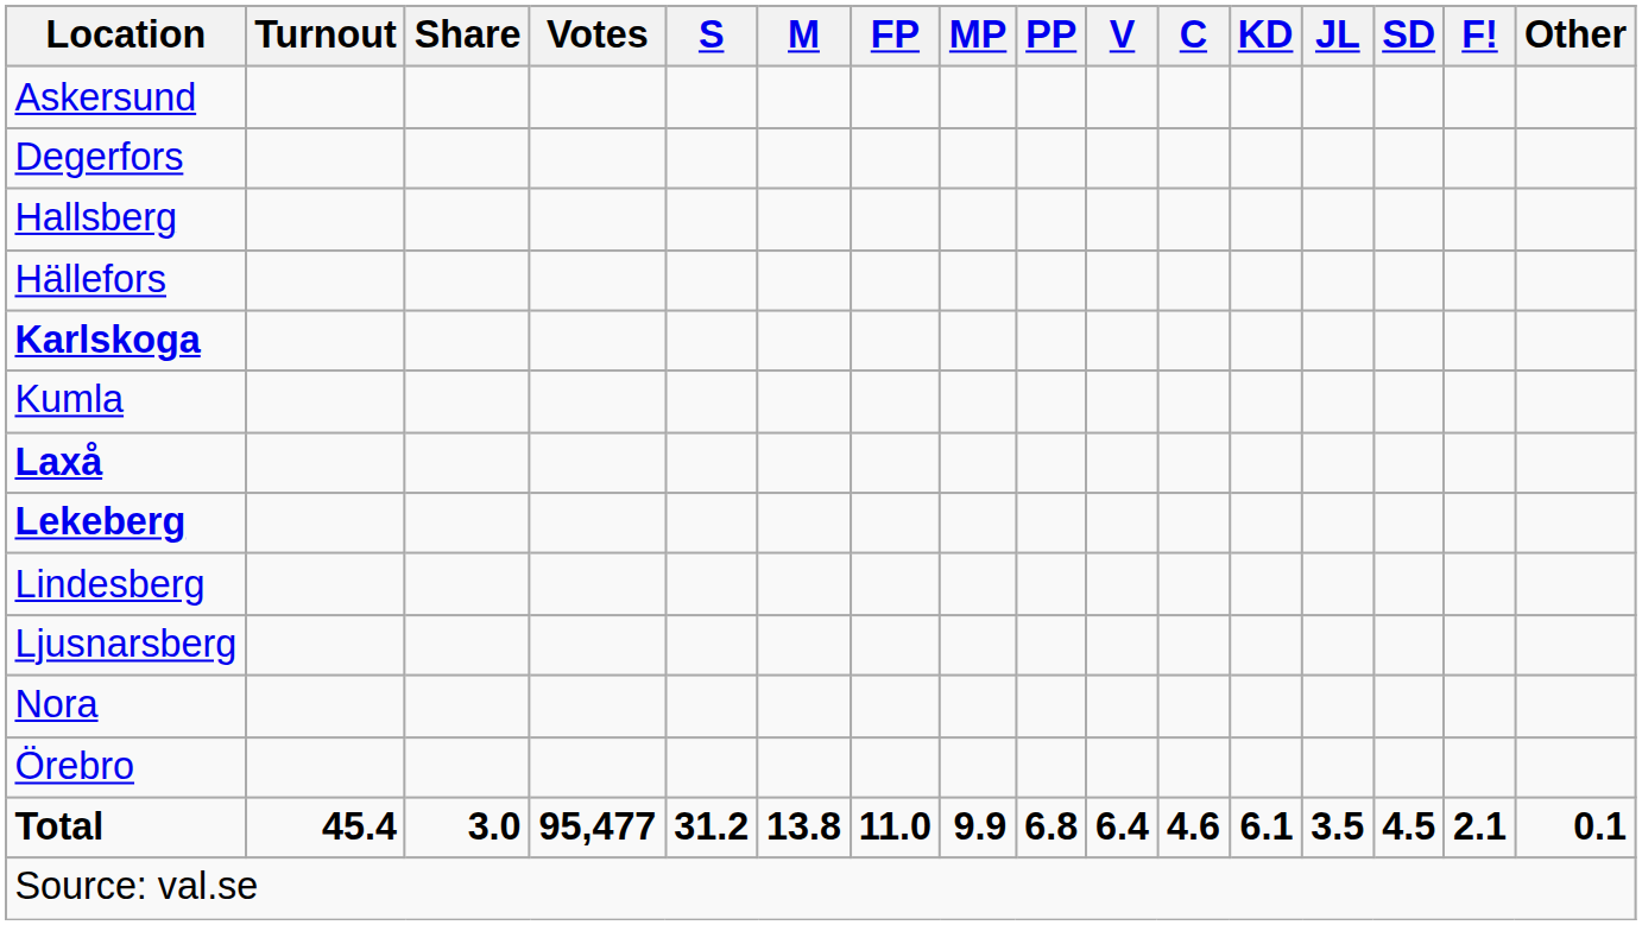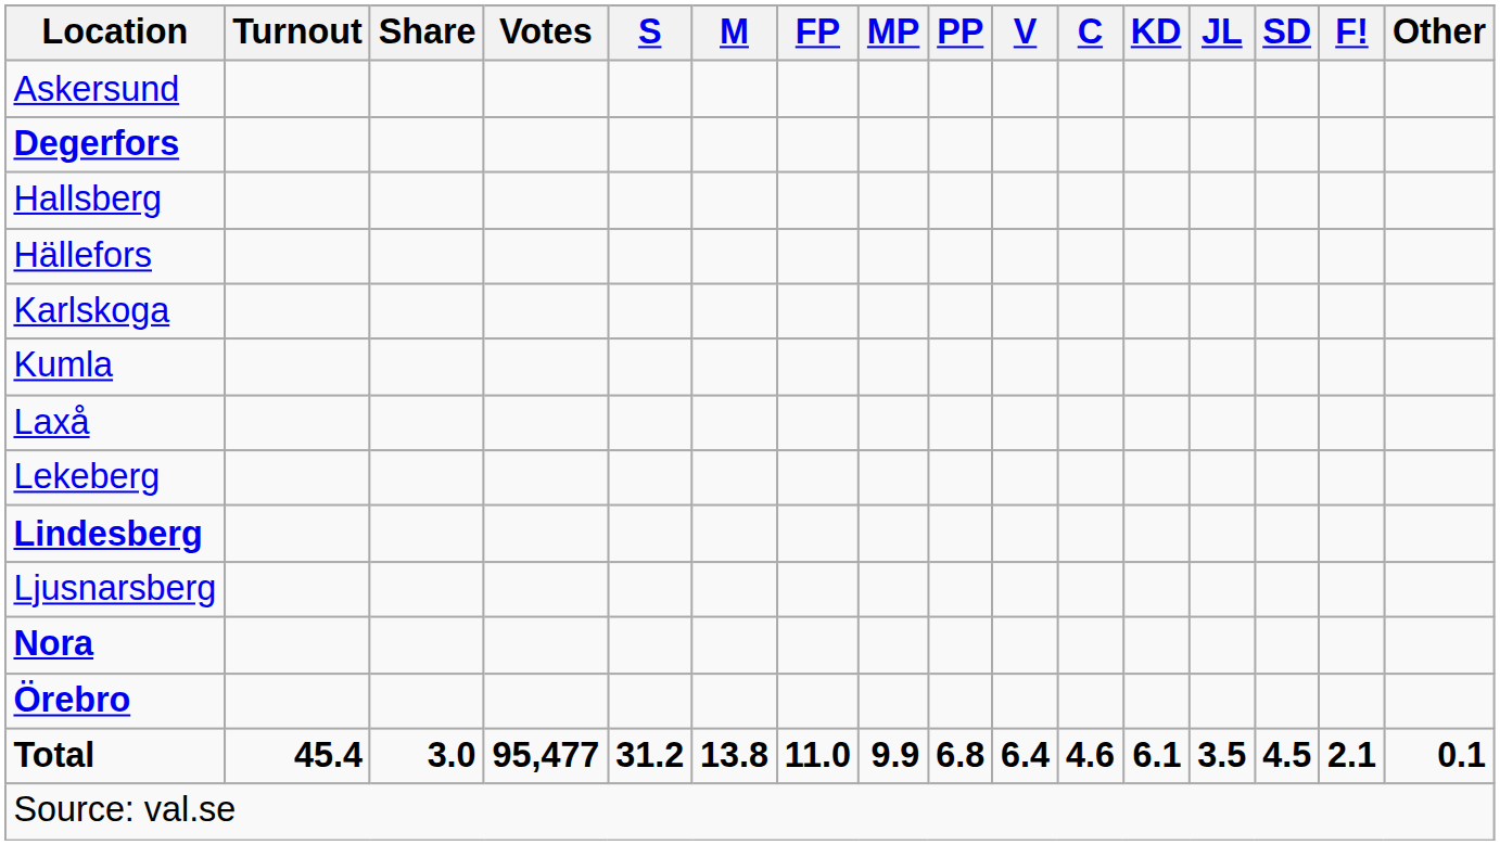 <table class="wikitable sortable" style=text-align:right>
 <tr>
 <th>Location</th>
 <th>Turnout</th>
 <th>Share</th>
 <th>Votes</th>
 <th><a href='#'>S</a></th>
 <th><a href='#'>M</a></th>
 <th><a href='#'>FP</a></th>
 <th><a href='#'>MP</a></th>
 <th><a href='#'>PP</a></th>
 <th><a href='#'>V</a></th>
 <th><a href='#'>C</a></th>
 <th><a href='#'>KD</a></th>
 <th><a href='#'>JL</a></th>
 <th><a href='#'>SD</a></th>
 <th><a href='#'>F!</a></th>
 <th>Other</th>
 </tr>
 <tr>
 <td align=left><a href='#'>Askersund</a></td>
 <td></td>
 <td></td>
 <td></td>
 <td></td>
 <td></td>
 <td></td>
 <td></td>
 <td></td>
 <td></td>
 <td></td>
 <td></td>
 <td></td>
 <td></td>
 <td></td>
 <td></td>
 </tr>
 <tr>
-<td align=left><a href='#'>Degerfors</a></td>
+<td align=left><strong><a href='#'>Degerfors</a></strong></td>
 <td></td>
 <td></td>
 <td></td>
 <td></td>
 <td></td>
 <td></td>
 <td></td>
 <td></td>
 <td></td>
 <td></td>
 <td></td>
 <td></td>
 <td></td>
 <td></td>
 <td></td>
 </tr>
 <tr>
 <td align=left><a href='#'>Hallsberg</a></td>
 <td></td>
 <td></td>
 <td></td>
 <td></td>
 <td></td>
 <td></td>
 <td></td>
 <td></td>
 <td></td>
 <td></td>
 <td></td>
 <td></td>
 <td></td>
 <td></td>
 <td></td>
 </tr>
 <tr>
 <td align=left><a href='#'>Hällefors</a></td>
 <td></td>
 <td></td>
 <td></td>
 <td></td>
 <td></td>
 <td></td>
 <td></td>
 <td></td>
 <td></td>
 <td></td>
 <td></td>
 <td></td>
 <td></td>
 <td></td>
 <td></td>
 </tr>
 <tr>
-<td align=left><strong><a href='#'>Karlskoga</a></strong></td>
+<td align=left><a href='#'>Karlskoga</a></td>
 <td></td>
 <td></td>
 <td></td>
 <td></td>
 <td></td>
 <td></td>
 <td></td>
 <td></td>
 <td></td>
 <td></td>
 <td></td>
 <td></td>
 <td></td>
 <td></td>
 <td></td>
 </tr>
 <tr>
 <td align=left><a href='#'>Kumla</a></td>
 <td></td>
 <td></td>
 <td></td>
 <td></td>
 <td></td>
 <td></td>
 <td></td>
 <td></td>
 <td></td>
 <td></td>
 <td></td>
 <td></td>
 <td></td>
 <td></td>
 <td></td>
 </tr>
 <tr>
-<td align=left><strong><a href='#'>Laxå</a></strong></td>
+<td align=left><a href='#'>Laxå</a></td>
 <td></td>
 <td></td>
 <td></td>
 <td></td>
 <td></td>
 <td></td>
 <td></td>
 <td></td>
 <td></td>
 <td></td>
 <td></td>
 <td></td>
 <td></td>
 <td></td>
 <td></td>
 </tr>
 <tr>
-<td align=left><strong><a href='#'>Lekeberg</a></strong></td>
+<td align=left><a href='#'>Lekeberg</a></td>
 <td></td>
 <td></td>
 <td></td>
 <td></td>
 <td></td>
 <td></td>
 <td></td>
 <td></td>
 <td></td>
 <td></td>
 <td></td>
 <td></td>
 <td></td>
 <td></td>
 <td></td>
 </tr>
 <tr>
-<td align=left><a href='#'>Lindesberg</a></td>
+<td align=left><strong><a href='#'>Lindesberg</a></strong></td>
 <td></td>
 <td></td>
 <td></td>
 <td></td>
 <td></td>
 <td></td>
 <td></td>
 <td></td>
 <td></td>
 <td></td>
 <td></td>
 <td></td>
 <td></td>
 <td></td>
 <td></td>
 </tr>
 <tr>
 <td align=left><a href='#'>Ljusnarsberg</a></td>
 <td></td>
 <td></td>
 <td></td>
 <td></td>
 <td></td>
 <td></td>
 <td></td>
 <td></td>
 <td></td>
 <td></td>
 <td></td>
 <td></td>
 <td></td>
 <td></td>
 <td></td>
 </tr>
 <tr>
-<td align=left><a href='#'>Nora</a></td>
+<td align=left><strong><a href='#'>Nora</a></strong></td>
 <td></td>
 <td></td>
 <td></td>
 <td></td>
 <td></td>
 <td></td>
 <td></td>
 <td></td>
 <td></td>
 <td></td>
 <td></td>
 <td></td>
 <td></td>
 <td></td>
 <td></td>
 </tr>
 <tr>
-<td align=left><a href='#'>Örebro</a></td>
+<td align=left><strong><a href='#'>Örebro</a></strong></td>
 <td></td>
 <td></td>
 <td></td>
 <td></td>
 <td></td>
 <td></td>
 <td></td>
 <td></td>
 <td></td>
 <td></td>
 <td></td>
 <td></td>
 <td></td>
 <td></td>
 <td></td>
 </tr>
 <tr>
 <td align=left><strong>Total</strong></td>
 <td><strong>45.4</strong></td>
 <td><strong>3.0</strong></td>
 <td><strong>95,477</strong></td>
 <td><strong>31.2</strong></td>
 <td><strong>13.8</strong></td>
 <td><strong>11.0</strong></td>
 <td><strong>9.9</strong></td>
 <td><strong>6.8</strong></td>
 <td><strong>6.4</strong></td>
 <td><strong>4.6</strong></td>
 <td><strong>6.1</strong></td>
 <td><strong>3.5</strong></td>
 <td><strong>4.5</strong></td>
 <td><strong>2.1</strong></td>
 <td><strong>0.1</strong></td>
 </tr>
 <tr>
 <td align=left colspan=16>Source: val.se </td>
 </tr>
 </table>
